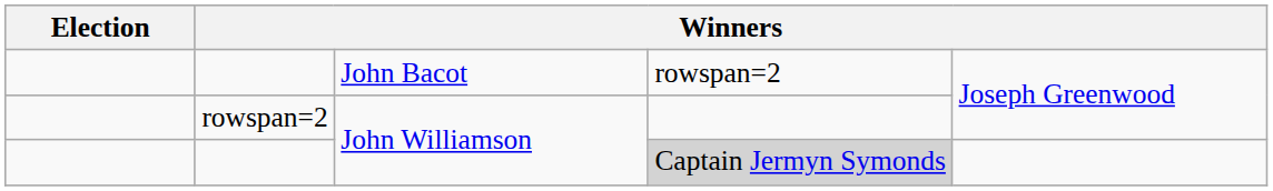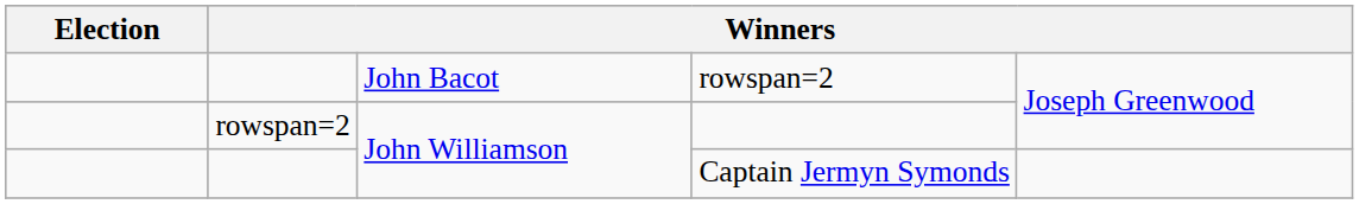 <table class=wikitable>
 <tr>
 <th width=100>Election</th>
 <th colspan=4>Winners</th>
 </tr>
 <tr>
 <td></td>
 <td></td>
 <td width=170><a href='#'>John Bacot</a></td>
 <td>rowspan=2 </td>
 <td width=170 rowspan=2><a href='#'>Joseph Greenwood</a></td>
 </tr>
 <tr>
 <td></td>
 <td>rowspan=2 </td>
 <td rowspan=2><a href='#'>John Williamson</a></td>
 </tr>
 <tr>
 <td></td>
 <td></td>
-<td style="background: lightgrey;">Captain <a href='#'>Jermyn Symonds</a></td>
+<td>Captain <a href='#'>Jermyn Symonds</a></td>
 </tr>
 </table>
